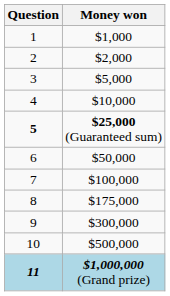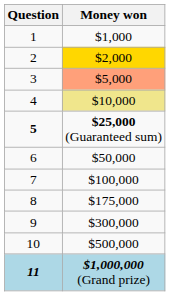 <table class="wikitable" style="text-align:center";>
 <tr>
 <th>Question</th>
 <th>Money won</th>
 </tr>
 <tr>
 <td>1</td>
 <td>$1,000</td>
 </tr>
 <tr>
 <td>2</td>
-<td>$2,000</td>
+<td style="background: gold;">$2,000</td>
 </tr>
 <tr>
 <td>3</td>
-<td>$5,000</td>
+<td style="background: lightsalmon;">$5,000</td>
 </tr>
 <tr>
 <td>4</td>
-<td>$10,000</td>
+<td style="background: khaki;">$10,000</td>
 </tr>
 <tr>
 <td><strong>5</strong></td>
 <td><strong>$25,000</strong><br>(Guaranteed sum)</td>
 </tr>
 <tr>
 <td>6</td>
 <td>$50,000</td>
 </tr>
 <tr>
 <td>7</td>
 <td>$100,000</td>
 </tr>
 <tr>
 <td>8</td>
 <td>$175,000</td>
 </tr>
 <tr>
 <td>9</td>
 <td>$300,000</td>
 </tr>
 <tr>
 <td>10</td>
 <td>$500,000</td>
 </tr>
 <tr>
 <td bgcolor="lightblue"><strong><em>11</em></strong></td>
 <td bgcolor="lightblue"><strong><em>$1,000,000</em></strong><br>(Grand prize)</td>
 </tr>
 </table>
